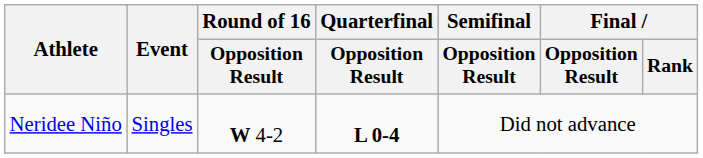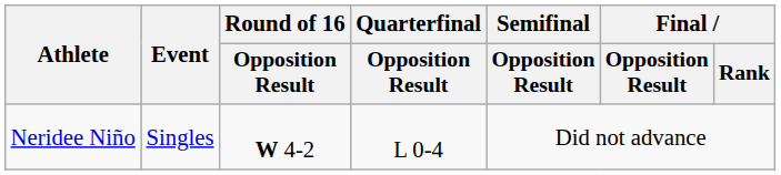 <table class=wikitable style=font-size:90%;text-align:center>
 <tr>
 <th rowspan=2>Athlete</th>
 <th rowspan=2>Event</th>
 <th>Round of 16</th>
 <th>Quarterfinal</th>
 <th>Semifinal</th>
 <th colspan=2>Final / </th>
 </tr>
 <tr style=font-size:95%>
 <th>Opposition<br>Result</th>
 <th>Opposition<br>Result</th>
 <th>Opposition<br>Result</th>
 <th>Opposition<br>Result</th>
 <th>Rank</th>
 </tr>
 <tr>
 <td align=left><a href='#'>Neridee Niño</a></td>
 <td align=left rowspan=2><a href='#'>Singles</a></td>
 <td><br> <strong>W</strong> 4-2</td>
-<td><strong><br> L 0-4</strong></td>
+<td><br> L 0-4</td>
 <td colspan=3>Did not advance</td>
 </tr>
 </table>
